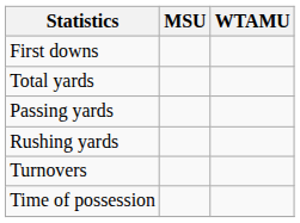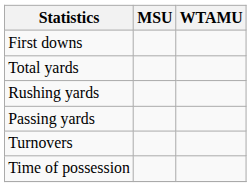 <table class="wikitable" style="float: left;">
 <tr>
 <th>Statistics</th>
 <th>MSU</th>
 <th>WTAMU</th>
 </tr>
 <tr>
 <td>First downs</td>
 <td></td>
 <td></td>
 </tr>
 <tr>
 <td>Total yards</td>
 <td></td>
 <td></td>
 </tr>
 <tr>
-<td>Passing yards</td>
+<td>Rushing yards</td>
 <td></td>
 <td></td>
 </tr>
 <tr>
-<td>Rushing yards</td>
+<td>Passing yards</td>
 <td></td>
 <td></td>
 </tr>
 <tr>
 <td>Turnovers</td>
 <td></td>
 <td></td>
 </tr>
 <tr>
 <td>Time of possession</td>
 <td></td>
 <td></td>
 </tr>
 <tr>
 </tr>
 </table>
